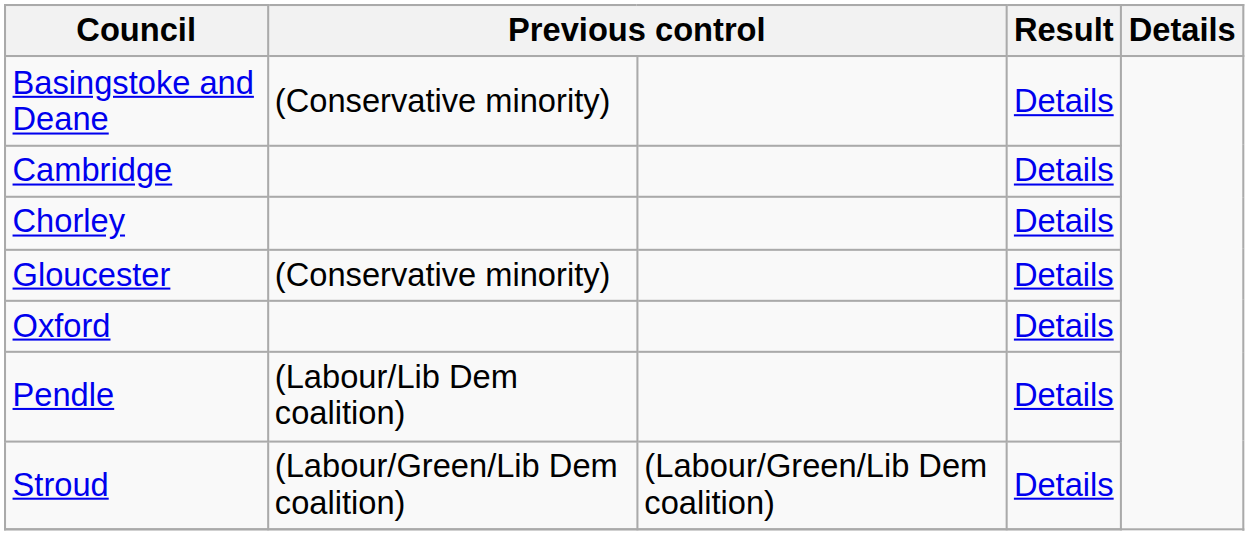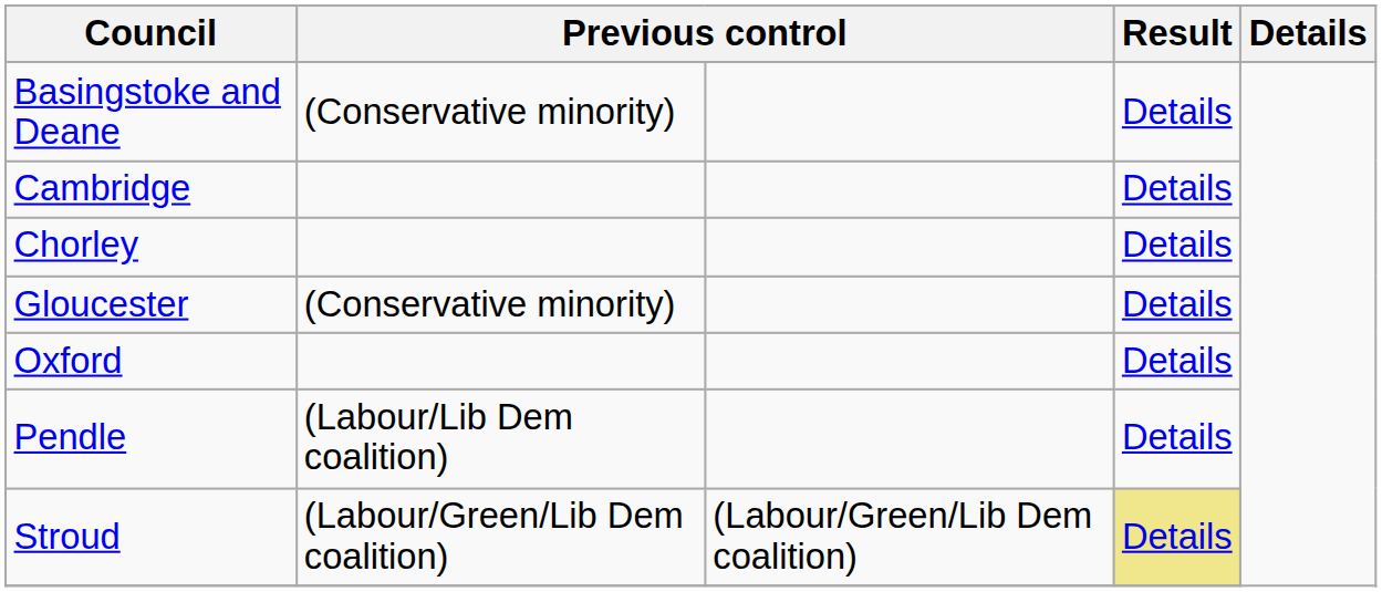 <table class="wikitable">
 <tr>
 <th scope="col">Council</th>
 <th colspan=2>Previous control</th>
 <th colspan=2>Result</th>
 <th colspan=2>Details</th>
 </tr>
 <tr>
 <td><a href='#'>Basingstoke and Deane</a></td>
 <td> (Conservative minority)</td>
 <td></td>
 <td><a href='#'>Details</a></td>
 </tr>
 <tr>
 <td><a href='#'>Cambridge</a></td>
 <td></td>
 <td></td>
 <td><a href='#'>Details</a></td>
 </tr>
 <tr>
 <td><a href='#'>Chorley</a></td>
 <td></td>
 <td></td>
 <td><a href='#'>Details</a></td>
 </tr>
 <tr>
 <td><a href='#'>Gloucester</a></td>
 <td> (Conservative minority)</td>
 <td></td>
 <td><a href='#'>Details</a></td>
 </tr>
 <tr>
 <td><a href='#'>Oxford</a></td>
 <td></td>
 <td></td>
 <td><a href='#'>Details</a></td>
 </tr>
 <tr>
 <td><a href='#'>Pendle</a></td>
 <td> (Labour/Lib Dem coalition)</td>
 <td></td>
 <td><a href='#'>Details</a></td>
 </tr>
 <tr>
 <td><a href='#'>Stroud</a></td>
 <td> (Labour/Green/Lib Dem coalition)</td>
 <td> (Labour/Green/Lib Dem coalition)</td>
-<td><a href='#'>Details</a></td>
+<td style="background: khaki;"><a href='#'>Details</a></td>
 </tr>
 <tr>
 </tr>
 </table>
